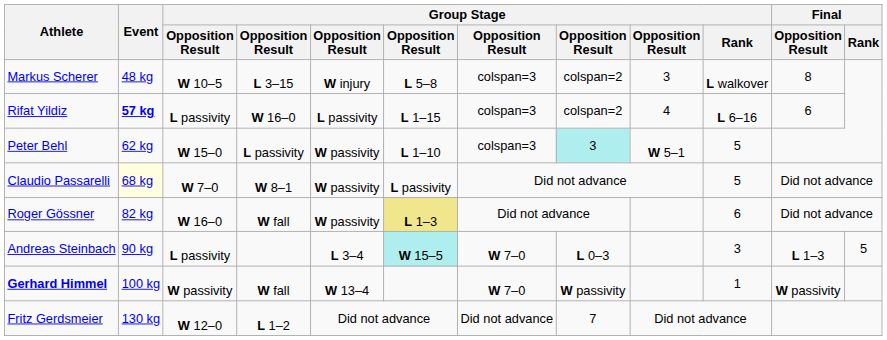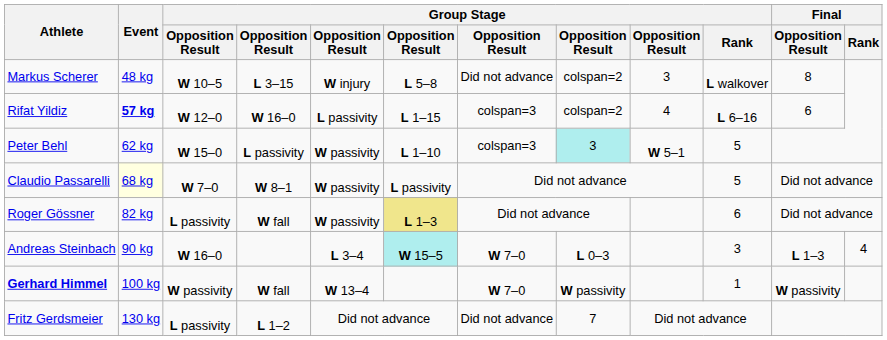 <table class=wikitable style="font-size:90%">
 <tr>
 <th rowspan="2">Athlete</th>
 <th rowspan="2">Event</th>
 <th colspan="8">Group Stage</th>
 <th colspan=2>Final</th>
 </tr>
 <tr>
 <th>Opposition<br>Result</th>
 <th>Opposition<br>Result</th>
 <th>Opposition<br>Result</th>
 <th>Opposition<br>Result</th>
 <th>Opposition<br>Result</th>
 <th>Opposition<br>Result</th>
 <th>Opposition<br>Result</th>
 <th>Rank</th>
 <th>Opposition<br>Result</th>
 <th>Rank</th>
 </tr>
 <tr align=center>
 <td align=left><a href='#'>Markus Scherer</a></td>
 <td align=left><a href='#'>48 kg</a></td>
 <td><br><strong>W</strong> 10–5</td>
 <td><br><strong>L</strong> 3–15</td>
 <td><br><strong>W</strong> injury</td>
 <td><br><strong>L</strong> 5–8</td>
-<td>colspan=3</td>
+<td>Did not advance</td>
 <td>colspan=2</td>
 <td>3</td>
 <td><br><strong>L</strong> walkover</td>
 <td>8</td>
 </tr>
 <tr align=center>
 <td align=left><a href='#'>Rifat Yildiz</a></td>
 <td align=left><strong><a href='#'>57 kg</a></strong></td>
-<td><br><strong>L</strong> passivity</td>
+<td><br><strong>W</strong> 12–0</td>
 <td><br><strong>W</strong> 16–0</td>
 <td><br><strong>L</strong> passivity</td>
 <td><br><strong>L</strong> 1–15</td>
 <td>colspan=3</td>
 <td>colspan=2</td>
 <td>4</td>
 <td><br><strong>L</strong> 6–16</td>
 <td>6</td>
 </tr>
 <tr align=center>
 <td align=left><a href='#'>Peter Behl</a></td>
 <td align=left><a href='#'>62 kg</a></td>
 <td><br><strong>W</strong> 15–0</td>
 <td><br><strong>L</strong> passivity</td>
 <td><br><strong>W</strong> passivity</td>
 <td><br><strong>L</strong> 1–10</td>
 <td>colspan=3</td>
 <td style="background: paleturquoise;">3</td>
 <td><br><strong>W</strong> 5–1</td>
 <td>5</td>
 </tr>
 <tr align=center>
 <td align=left><a href='#'>Claudio Passarelli</a></td>
 <td align=left style="background: lightyellow;"><a href='#'>68 kg</a></td>
 <td><br><strong>W</strong> 7–0</td>
 <td><br><strong>W</strong> 8–1</td>
 <td><br><strong>W</strong> passivity</td>
 <td><br><strong>L</strong> passivity</td>
 <td colspan=3>Did not advance</td>
 <td>5</td>
 <td colspan=2>Did not advance</td>
 </tr>
 <tr align=center>
 <td align=left><a href='#'>Roger Gössner</a></td>
 <td align=left><a href='#'>82 kg</a></td>
-<td><br><strong>W</strong> 16–0</td>
+<td><br><strong>L</strong> passivity</td>
 <td><br><strong>W</strong> fall</td>
 <td><br><strong>W</strong> passivity</td>
 <td style="background: khaki;"><br><strong>L</strong> 1–3</td>
 <td colspan=2>Did not advance</td>
 <td></td>
 <td>6</td>
 <td colspan=2>Did not advance</td>
 </tr>
 <tr align=center>
 <td align=left><a href='#'>Andreas Steinbach</a></td>
 <td align=left><a href='#'>90 kg</a></td>
-<td><br><strong>L</strong> passivity</td>
+<td><br><strong>W</strong> 16–0</td>
 <td></td>
 <td><br><strong>L</strong> 3–4</td>
 <td style="background: paleturquoise;"><br><strong>W</strong> 15–5</td>
 <td><br><strong>W</strong> 7–0</td>
 <td><br><strong>L</strong> 0–3</td>
 <td></td>
 <td>3</td>
 <td><br><strong>L</strong> 1–3</td>
-<td>5</td>
+<td>4</td>
 </tr>
 <tr align=center>
 <td align=left><strong><a href='#'>Gerhard Himmel</a></strong></td>
 <td align=left><a href='#'>100 kg</a></td>
 <td><br><strong>W</strong> passivity</td>
 <td><br><strong>W</strong> fall</td>
 <td><br><strong>W</strong> 13–4</td>
 <td></td>
 <td><br><strong>W</strong> 7–0</td>
 <td><br><strong>W</strong> passivity</td>
 <td></td>
 <td>1</td>
 <td><br><strong>W</strong> passivity</td>
 <td></td>
 </tr>
 <tr align=center>
 <td align=left><a href='#'>Fritz Gerdsmeier</a></td>
 <td align=left><a href='#'>130 kg</a></td>
-<td><br><strong>W</strong> 12–0</td>
+<td><br><strong>L</strong> passivity</td>
 <td><br><strong>L</strong> 1–2</td>
 <td colspan=2>Did not advance</td>
 <td>Did not advance</td>
 <td>7</td>
 <td colspan=2>Did not advance</td>
 </tr>
 </table>
